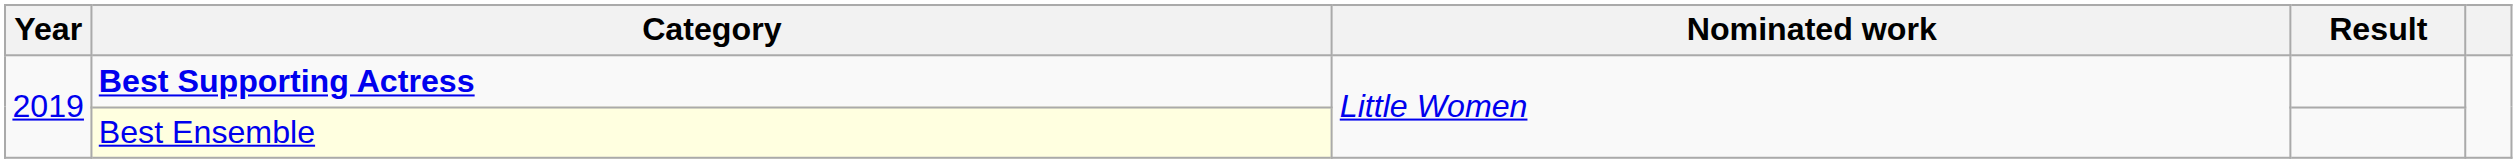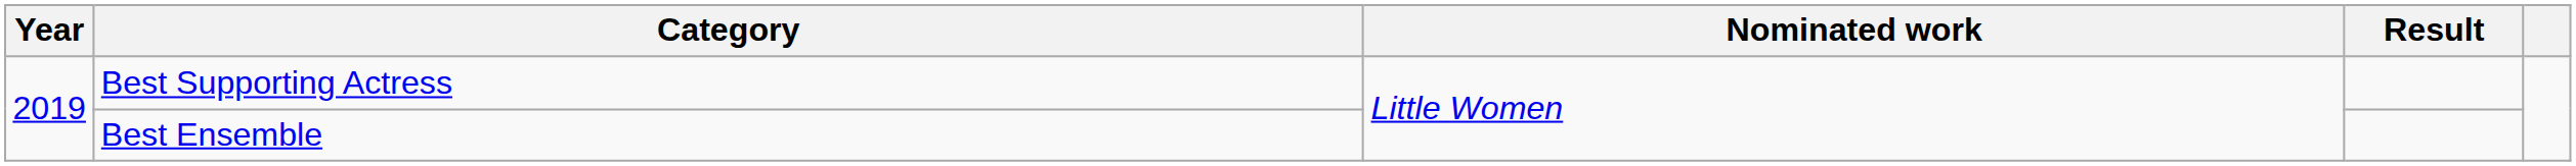 <table class="wikitable sortable">
 <tr>
 <th scope="col" style="width:1em;">Year</th>
 <th scope="col" style="width:39em;">Category</th>
 <th scope="col" style="width:30em;">Nominated work</th>
 <th scope="col" style="width:5em;">Result</th>
 <th scope="col" style="width:1em;"class="unsortable"></th>
 </tr>
 <tr>
 <td rowspan="2"><a href='#'>2019</a></td>
-<td><strong><a href='#'>Best Supporting Actress</a></strong></td>
+<td><a href='#'>Best Supporting Actress</a></td>
 <td rowspan="2"><em><a href='#'>Little Women</a></em></td>
 <td></td>
 <td align="center" rowspan="2"></td>
 </tr>
 <tr>
-<td style="background: lightyellow;"><a href='#'>Best Ensemble</a></td>
+<td><a href='#'>Best Ensemble</a></td>
 <td></td>
 </tr>
 </table>
